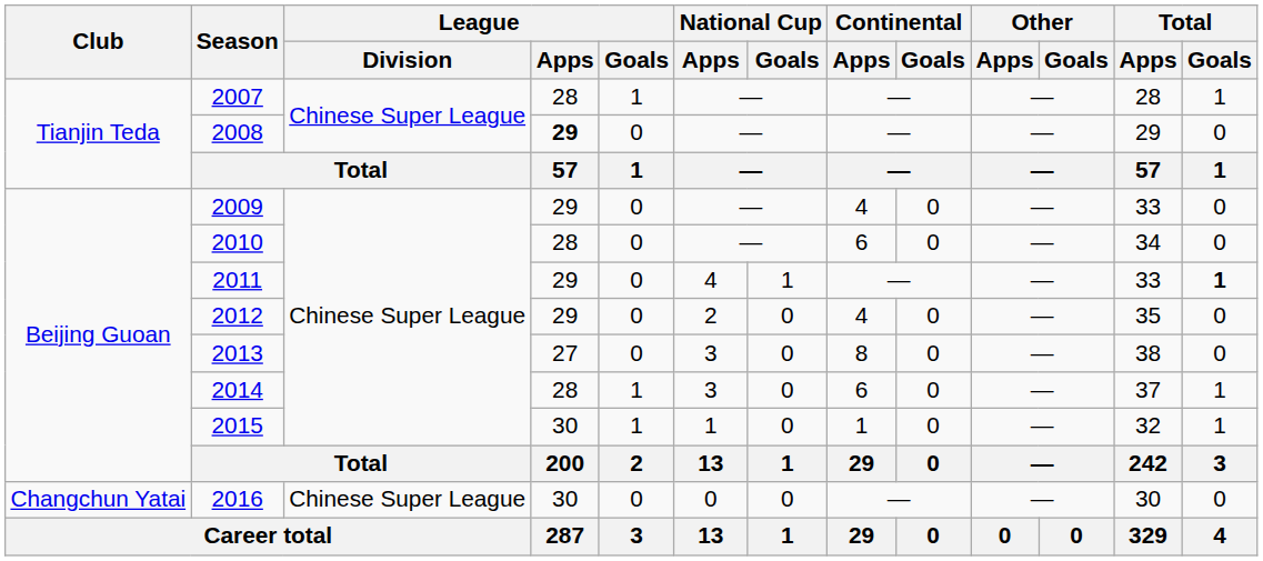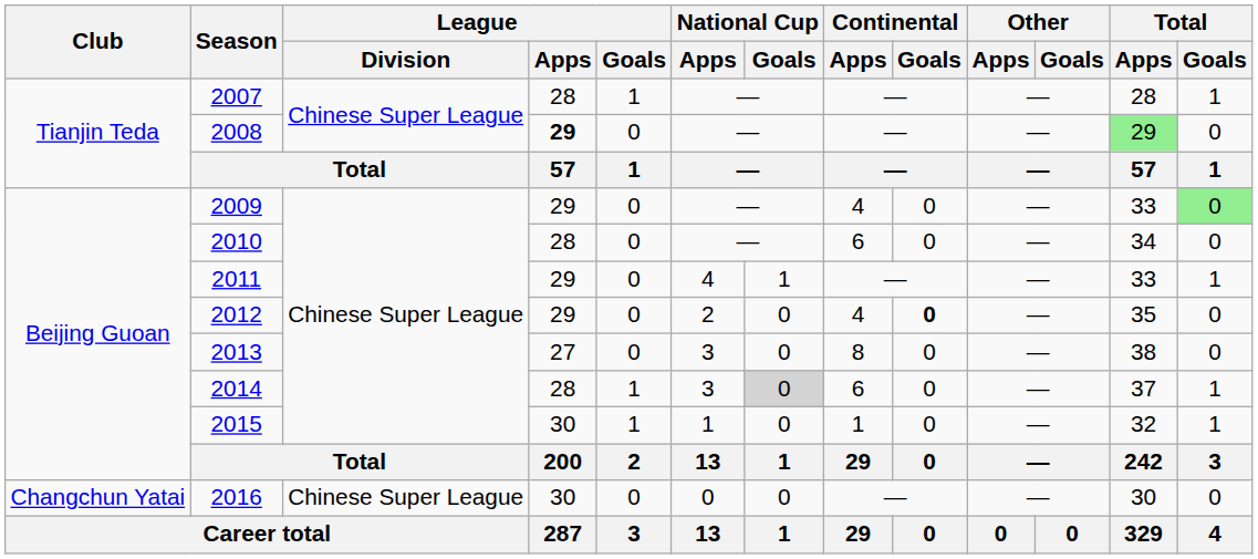 <table class="wikitable" style="font-size:100%; text-align: center">
 <tr>
 <th rowspan=2>Club</th>
 <th rowspan=2>Season</th>
 <th colspan=3>League</th>
 <th colspan=2>National Cup</th>
 <th colspan=2>Continental</th>
 <th colspan=2>Other</th>
 <th colspan=2>Total</th>
 </tr>
 <tr>
 <th>Division</th>
 <th>Apps</th>
 <th>Goals</th>
 <th>Apps</th>
 <th>Goals</th>
 <th>Apps</th>
 <th>Goals</th>
 <th>Apps</th>
 <th>Goals</th>
 <th>Apps</th>
 <th>Goals</th>
 </tr>
 <tr>
 <td rowspan=3><a href='#'>Tianjin Teda</a></td>
 <td><a href='#'>2007</a></td>
 <td rowspan=2><a href='#'>Chinese Super League</a></td>
 <td>28</td>
 <td>1</td>
 <td colspan=2>—</td>
 <td colspan=2>—</td>
 <td colspan=2>—</td>
 <td>28</td>
 <td>1</td>
 </tr>
 <tr>
 <td><a href='#'>2008</a></td>
 <td><strong>29</strong></td>
 <td>0</td>
 <td colspan=2>—</td>
 <td colspan=2>—</td>
 <td colspan=2>—</td>
-<td>29</td>
+<td style="background: lightgreen;">29</td>
 <td>0</td>
 </tr>
 <tr>
 <th colspan=2>Total</th>
 <th>57</th>
 <th>1</th>
 <th colspan=2>—</th>
 <th colspan=2>—</th>
 <th colspan=2>—</th>
 <th>57</th>
 <th>1</th>
 </tr>
 <tr>
 <td rowspan=8><a href='#'>Beijing Guoan</a></td>
 <td><a href='#'>2009</a></td>
 <td rowspan=7>Chinese Super League</td>
 <td>29</td>
 <td>0</td>
 <td colspan=2>—</td>
 <td>4</td>
 <td>0</td>
 <td colspan=2>—</td>
 <td>33</td>
-<td>0</td>
+<td style="background: lightgreen;">0</td>
 </tr>
 <tr>
 <td><a href='#'>2010</a></td>
 <td>28</td>
 <td>0</td>
 <td colspan=2>—</td>
 <td>6</td>
 <td>0</td>
 <td colspan=2>—</td>
 <td>34</td>
 <td>0</td>
 </tr>
 <tr>
 <td><a href='#'>2011</a></td>
 <td>29</td>
 <td>0</td>
 <td>4</td>
 <td>1</td>
 <td colspan=2>—</td>
 <td colspan=2>—</td>
 <td>33</td>
-<td><strong>1</strong></td>
+<td>1</td>
 </tr>
 <tr>
 <td><a href='#'>2012</a></td>
 <td>29</td>
 <td>0</td>
 <td>2</td>
 <td>0</td>
 <td>4</td>
-<td>0</td>
+<td><strong>0</strong></td>
 <td colspan=2>—</td>
 <td>35</td>
 <td>0</td>
 </tr>
 <tr>
 <td><a href='#'>2013</a></td>
 <td>27</td>
 <td>0</td>
 <td>3</td>
 <td>0</td>
 <td>8</td>
 <td>0</td>
 <td colspan=2>—</td>
 <td>38</td>
 <td>0</td>
 </tr>
 <tr>
 <td><a href='#'>2014</a></td>
 <td>28</td>
 <td>1</td>
 <td>3</td>
-<td>0</td>
+<td style="background: lightgrey;">0</td>
 <td>6</td>
 <td>0</td>
 <td colspan=2>—</td>
 <td>37</td>
 <td>1</td>
 </tr>
 <tr>
 <td><a href='#'>2015</a></td>
 <td>30</td>
 <td>1</td>
 <td>1</td>
 <td>0</td>
 <td>1</td>
 <td>0</td>
 <td colspan=2>—</td>
 <td>32</td>
 <td>1</td>
 </tr>
 <tr>
 <th colspan=2>Total</th>
 <th>200</th>
 <th>2</th>
 <th>13</th>
 <th>1</th>
 <th>29</th>
 <th>0</th>
 <th colspan=2>—</th>
 <th>242</th>
 <th>3</th>
 </tr>
 <tr>
 <td><a href='#'>Changchun Yatai</a></td>
 <td><a href='#'>2016</a></td>
 <td>Chinese Super League</td>
 <td>30</td>
 <td>0</td>
 <td>0</td>
 <td>0</td>
 <td colspan=2>—</td>
 <td colspan=2>—</td>
 <td>30</td>
 <td>0</td>
 </tr>
 <tr>
 <th colspan=3>Career total</th>
 <th>287</th>
 <th>3</th>
 <th>13</th>
 <th>1</th>
 <th>29</th>
 <th>0</th>
 <th>0</th>
 <th>0</th>
 <th>329</th>
 <th>4</th>
 </tr>
 </table>
